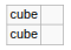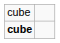 <table class="wikitable" style="margin:0.5em auto; text-align:center">
 <tr>
 <td width="60%" align="left"> cube</td>
 <td width="40%"></td>
 </tr>
 <tr>
-<td align="left"> cube</td>
+<td align="left"><strong> cube</strong></td>
 <td></td>
 </tr>
 </table>
